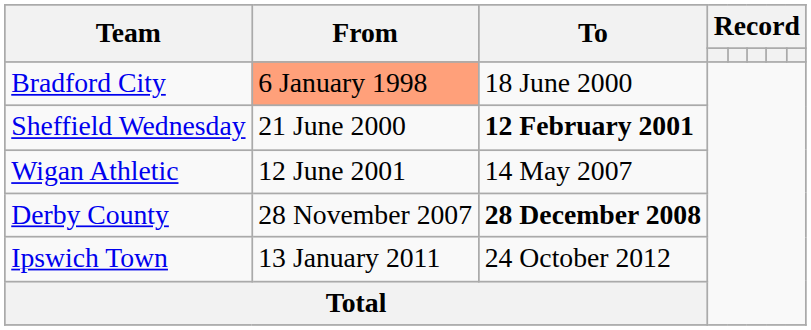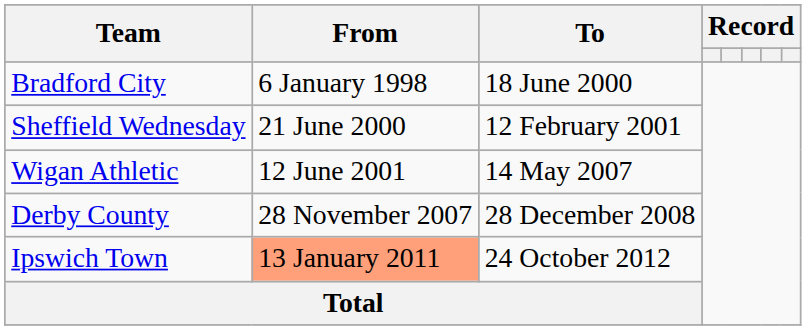 <table class=wikitable style="text-align: center">
 <tr>
 <th rowspan=2>Team</th>
 <th rowspan=2>From</th>
 <th rowspan=2>To</th>
 <th colspan=5>Record</th>
 </tr>
 <tr>
 <th></th>
 <th></th>
 <th></th>
 <th></th>
 <th></th>
 </tr>
 <tr>
 <td align=left><a href='#'>Bradford City</a></td>
-<td align=left style="background: lightsalmon;">6 January 1998</td>
+<td align=left>6 January 1998</td>
 <td align=left>18 June 2000<br></td>
 </tr>
 <tr>
 <td align=left><a href='#'>Sheffield Wednesday</a></td>
 <td align=left>21 June 2000</td>
-<td align=left><strong>12 February 2001<br></strong></td>
+<td align=left>12 February 2001<br></td>
 </tr>
 <tr>
 <td align=left><a href='#'>Wigan Athletic</a></td>
 <td align=left>12 June 2001</td>
 <td align=left>14 May 2007<br></td>
 </tr>
 <tr>
 <td align=left><a href='#'>Derby County</a></td>
 <td align=left>28 November 2007</td>
-<td align=left><strong>28 December 2008<br></strong></td>
+<td align=left>28 December 2008<br></td>
 </tr>
 <tr>
 <td align=left><a href='#'>Ipswich Town</a></td>
-<td align=left>13 January 2011</td>
+<td align=left style="background: lightsalmon;">13 January 2011</td>
 <td align=left>24 October 2012<br></td>
 </tr>
 <tr>
 <th colspan=3>Total<br></th>
 </tr>
 </table>
